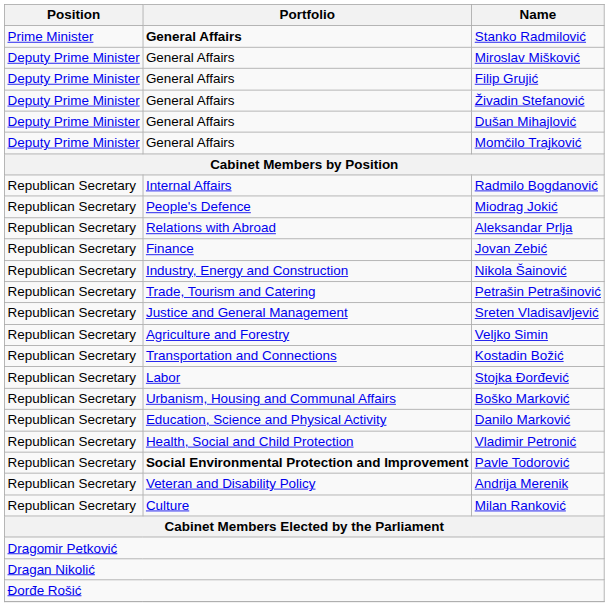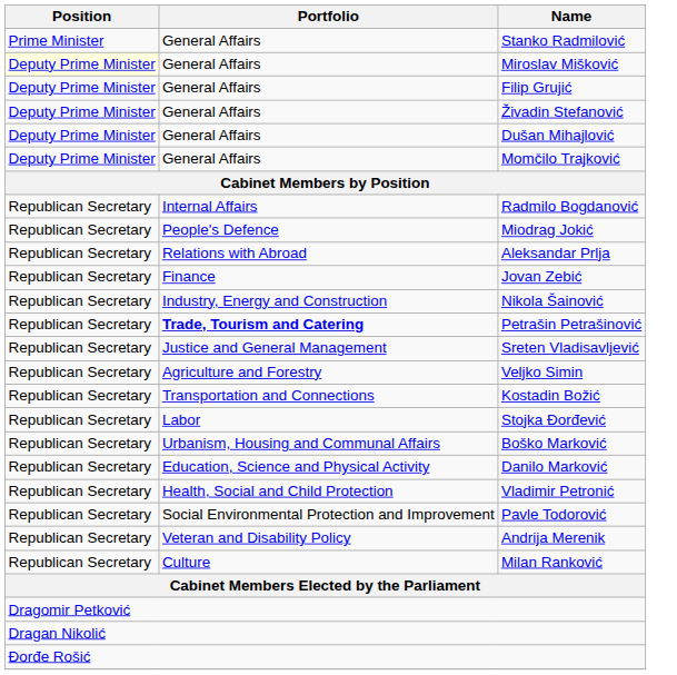 <table class="wikitable">
 <tr>
 <th colspan="1" bgcolor="#EEEEEE">Position</th>
 <th colspan="1" bgcolor="#EEEEEE">Portfolio</th>
 <th colspan="1" bgcolor="#EEEEEE">Name</th>
 </tr>
 <tr>
 <td><a href='#'>Prime Minister</a></td>
-<td><strong>General Affairs</strong></td>
+<td>General Affairs</td>
 <td><a href='#'>Stanko Radmilović</a></td>
 </tr>
 <tr>
-<td><a href='#'>Deputy Prime Minister</a></td>
+<td style="background: lightyellow;"><a href='#'>Deputy Prime Minister</a></td>
 <td>General Affairs</td>
 <td><a href='#'>Miroslav Mišković</a></td>
 </tr>
 <tr>
 <td><a href='#'>Deputy Prime Minister</a></td>
 <td>General Affairs</td>
 <td><a href='#'>Filip Grujić</a></td>
 </tr>
 <tr>
 <td><a href='#'>Deputy Prime Minister</a></td>
 <td>General Affairs</td>
 <td><a href='#'>Živadin Stefanović</a></td>
 </tr>
 <tr>
 <td><a href='#'>Deputy Prime Minister</a></td>
 <td>General Affairs</td>
 <td><a href='#'>Dušan Mihajlović</a></td>
 </tr>
 <tr>
 <td><a href='#'>Deputy Prime Minister</a></td>
 <td>General Affairs</td>
 <td><a href='#'>Momčilo Trajković</a></td>
 </tr>
 <tr>
 <th colspan="4">Cabinet Members by Position</th>
 </tr>
 <tr>
 <td>Republican Secretary</td>
 <td><a href='#'>Internal Affairs</a></td>
 <td><a href='#'>Radmilo Bogdanović</a></td>
 </tr>
 <tr>
 <td>Republican Secretary</td>
 <td><a href='#'>People's Defence</a></td>
 <td><a href='#'>Miodrag Jokić</a></td>
 </tr>
 <tr>
 <td>Republican Secretary</td>
 <td><a href='#'>Relations with Abroad</a></td>
 <td><a href='#'>Aleksandar Prlja</a></td>
 </tr>
 <tr>
 <td>Republican Secretary</td>
 <td><a href='#'>Finance</a></td>
 <td><a href='#'>Jovan Zebić</a></td>
 </tr>
 <tr>
 <td>Republican Secretary</td>
 <td><a href='#'>Industry, Energy and Construction</a></td>
 <td><a href='#'>Nikola Šainović</a></td>
 </tr>
 <tr>
 <td>Republican Secretary</td>
-<td><a href='#'>Trade, Tourism and Catering</a></td>
+<td><strong><a href='#'>Trade, Tourism and Catering</a></strong></td>
 <td><a href='#'>Petrašin Petrašinović</a></td>
 </tr>
 <tr>
 <td>Republican Secretary</td>
 <td><a href='#'>Justice and General Management</a></td>
 <td><a href='#'>Sreten Vladisavljević</a></td>
 </tr>
 <tr>
 <td>Republican Secretary</td>
 <td><a href='#'>Agriculture and Forestry</a></td>
 <td><a href='#'>Veljko Simin</a></td>
 </tr>
 <tr>
 <td>Republican Secretary</td>
 <td><a href='#'>Transportation and Connections</a></td>
 <td><a href='#'>Kostadin Božić</a></td>
 </tr>
 <tr>
 <td>Republican Secretary</td>
 <td><a href='#'>Labor</a></td>
 <td><a href='#'>Stojka Đorđević</a></td>
 </tr>
 <tr>
 <td>Republican Secretary</td>
 <td><a href='#'>Urbanism, Housing and Communal Affairs</a></td>
 <td><a href='#'>Boško Marković</a></td>
 </tr>
 <tr>
 <td>Republican Secretary</td>
 <td><a href='#'>Education, Science and Physical Activity</a></td>
 <td><a href='#'>Danilo Marković</a></td>
 </tr>
 <tr>
 <td>Republican Secretary</td>
 <td><a href='#'>Health, Social and Child Protection</a></td>
 <td><a href='#'>Vladimir Petronić</a></td>
 </tr>
 <tr>
 <td>Republican Secretary</td>
-<td><strong>Social Environmental Protection and Improvement</strong></td>
+<td>Social Environmental Protection and Improvement</td>
 <td><a href='#'>Pavle Todorović</a></td>
 </tr>
 <tr>
 <td>Republican Secretary</td>
 <td><a href='#'>Veteran and Disability Policy</a></td>
 <td><a href='#'>Andrija Merenik</a></td>
 </tr>
 <tr>
 <td>Republican Secretary</td>
 <td><a href='#'>Culture</a></td>
 <td><a href='#'>Milan Ranković</a></td>
 </tr>
 <tr>
 <th colspan="4">Cabinet Members Elected by the Parliament</th>
 </tr>
 <tr>
 <td colspan="3"><a href='#'>Dragomir Petković</a></td>
 </tr>
 <tr>
 <td colspan="3"><a href='#'>Dragan Nikolić</a></td>
 </tr>
 <tr>
 <td colspan="3"><a href='#'>Đorđe Rošić</a></td>
 </tr>
 <tr>
 </tr>
 </table>
